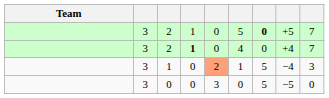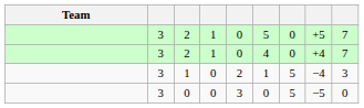 <table class="wikitable" style="text-align: center; font-size: 90%;">
 <tr>
 <th width=165>Team</th>
 <th width=25></th>
 <th width=25></th>
 <th width=25></th>
 <th width=25></th>
 <th width=25></th>
 <th width=25></th>
 <th width=25></th>
 <th width=25></th>
 </tr>
 <tr style="background:#cfc;">
 <td align="left"></td>
 <td>3</td>
 <td>2</td>
 <td>1</td>
 <td>0</td>
 <td>5</td>
-<td><strong>0</strong></td>
+<td>0</td>
 <td>+5</td>
 <td>7</td>
 </tr>
 <tr style="background:#cfc;">
 <td align="left"></td>
 <td>3</td>
 <td>2</td>
-<td><strong>1</strong></td>
+<td>1</td>
 <td>0</td>
 <td>4</td>
 <td>0</td>
 <td>+4</td>
 <td>7</td>
 </tr>
 <tr>
 <td align="left"></td>
 <td>3</td>
 <td>1</td>
 <td>0</td>
-<td style="background: lightsalmon;">2</td>
+<td>2</td>
 <td>1</td>
 <td>5</td>
 <td>−4</td>
 <td>3</td>
 </tr>
 <tr>
 <td align="left"></td>
 <td>3</td>
 <td>0</td>
 <td>0</td>
 <td>3</td>
 <td>0</td>
 <td>5</td>
 <td>−5</td>
 <td>0</td>
 </tr>
 </table>
